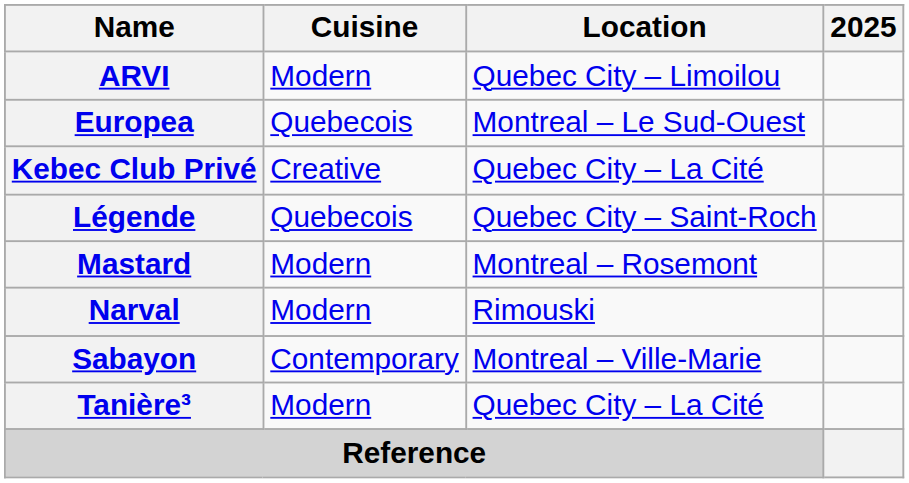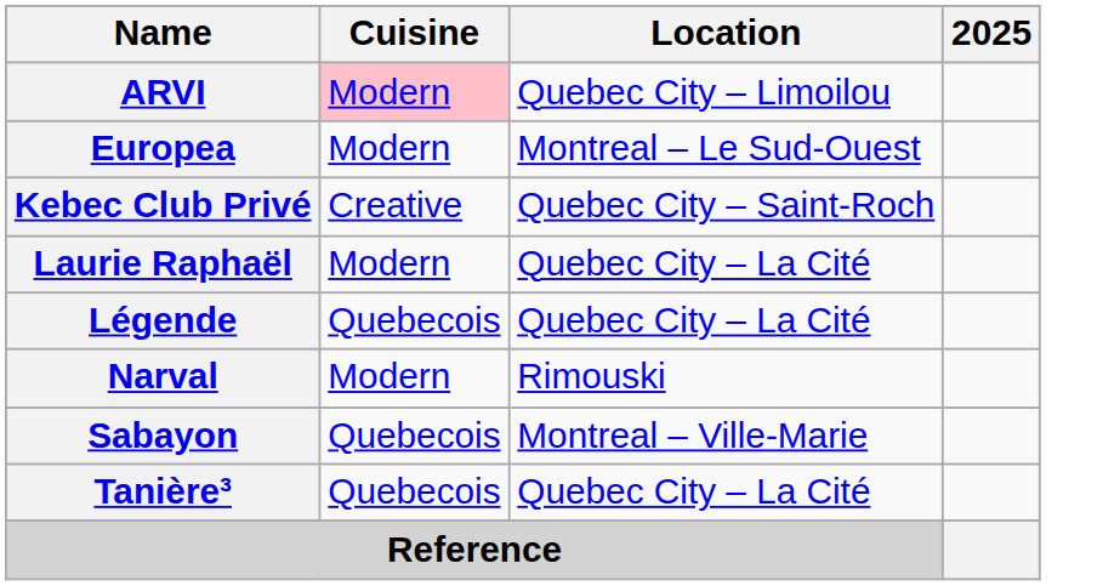 <table class="wikitable sortable plainrowheaders" style="text-align:left;"">
 <tr>
 <th scope="col">Name</th>
 <th scope="col">Cuisine</th>
 <th scope="col">Location</th>
 <th scope="col">2025</th>
 </tr>
 <tr>
 <th scope="row"><a href='#'>ARVI</a></th>
-<td><a href='#'>Modern</a></td>
+<td style="background: pink;"><a href='#'>Modern</a></td>
 <td><a href='#'>Quebec City – Limoilou</a></td>
 <td></td>
 </tr>
 <tr>
 <th scope="row"><a href='#'>Europea</a></th>
-<td><a href='#'>Quebecois</a></td>
+<td><a href='#'>Modern</a></td>
 <td><a href='#'>Montreal – Le Sud-Ouest</a></td>
 <td></td>
 </tr>
 <tr>
 <th scope="row"><a href='#'>Kebec Club Privé</a></th>
 <td><a href='#'>Creative</a></td>
+<td><a href='#'>Quebec City – Saint-Roch</a></td>
+<td></td>
+</tr>
+<tr>
+<th scope="row"><a href='#'>Laurie Raphaël</a></th>
+<td><a href='#'>Modern</a></td>
 <td><a href='#'>Quebec City – La Cité</a></td>
 <td></td>
 </tr>
 <tr>
 <th scope="row"><a href='#'>Légende</a></th>
 <td><a href='#'>Quebecois</a></td>
-<td><a href='#'>Quebec City – Saint-Roch</a></td>
-<td></td>
-</tr>
-<tr>
-<th scope="row"><a href='#'>Mastard</a></th>
-<td><a href='#'>Modern</a></td>
-<td><a href='#'>Montreal – Rosemont</a></td>
+<td><a href='#'>Quebec City – La Cité</a></td>
 <td></td>
 </tr>
 <tr>
 <th scope="row"><a href='#'>Narval</a></th>
 <td><a href='#'>Modern</a></td>
 <td><a href='#'>Rimouski</a></td>
 <td></td>
 </tr>
 <tr>
 <th scope="row"><a href='#'>Sabayon</a></th>
-<td><a href='#'>Contemporary</a></td>
+<td><a href='#'>Quebecois</a></td>
 <td><a href='#'>Montreal – Ville-Marie</a></td>
 <td></td>
 </tr>
 <tr>
 <th scope="row"><a href='#'>Tanière³</a></th>
-<td><a href='#'>Modern</a></td>
+<td><a href='#'>Quebecois</a></td>
 <td><a href='#'>Quebec City – La Cité</a></td>
 <td></td>
 </tr>
 <tr>
 <th colspan="3" style="text-align: center;background: lightgray;">Reference</th>
 <th></th>
 </tr>
 </table>
